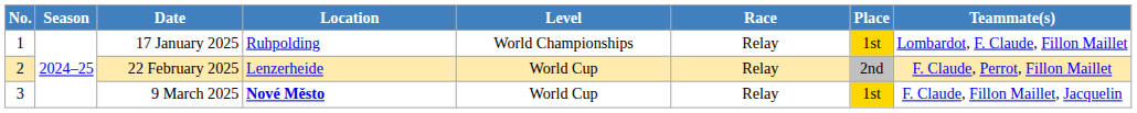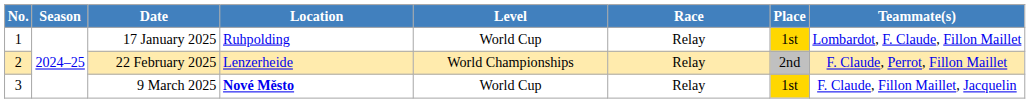 <table class="wikitable sortable" style="font-size:85%; text-align:center; border:grey solid 1px; border-collapse:collapse; background:#ffffff;">
 <tr style="background:#efefef;">
 <th style="background-color:#4180be; color:white;">No.</th>
 <th style="background-color:#4180be; color:white;">Season</th>
 <th style="background-color:#4180be; color:white; width:120px;">Date</th>
 <th style="background-color:#4180be; color:white; width:180px;">Location</th>
 <th style="background-color:#4180be; color:white; width:180px;">Level</th>
 <th style="background-color:#4180be; color:white; width:150px;">Race</th>
 <th style="background-color:#4180be; color:white;">Place</th>
 <th style="background-color:#4180be; color:white;">Teammate(s)</th>
 </tr>
 <tr>
 <td align=center>1</td>
 <td rowspan=3><a href='#'>2024–25</a></td>
 <td align=right>17 January 2025</td>
 <td align=left> <a href='#'>Ruhpolding</a></td>
-<td>World Championships</td>
+<td>World Cup</td>
 <td>Relay</td>
 <td align=center bgcolor="gold">1st</td>
 <td><a href='#'>Lombardot</a>, <a href='#'>F. Claude</a>, <a href='#'>Fillon Maillet</a></td>
 </tr>
 <tr style="background:#FFEBAD">
 <td align=center>2</td>
 <td align=right>22 February 2025</td>
 <td align=left> <a href='#'>Lenzerheide</a></td>
-<td>World Cup</td>
+<td>World Championships</td>
 <td>Relay</td>
 <td align=center bgcolor="silver">2nd</td>
 <td><a href='#'>F. Claude</a>, <a href='#'>Perrot</a>, <a href='#'>Fillon Maillet</a></td>
 </tr>
 <tr>
 <td align=center>3</td>
 <td align=right>9 March 2025</td>
 <td align=left><strong> <a href='#'>Nové Město</a></strong></td>
 <td>World Cup</td>
 <td>Relay</td>
 <td align=center bgcolor="gold">1st</td>
 <td><a href='#'>F. Claude</a>, <a href='#'>Fillon Maillet</a>, <a href='#'>Jacquelin</a></td>
 </tr>
 </table>
